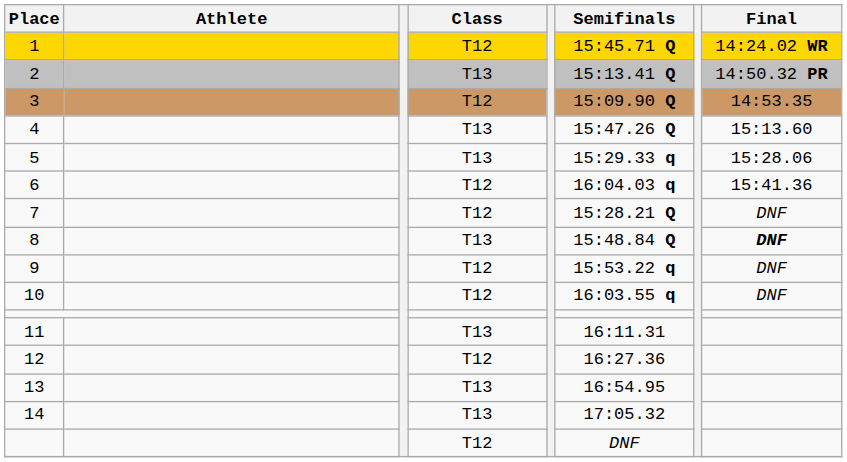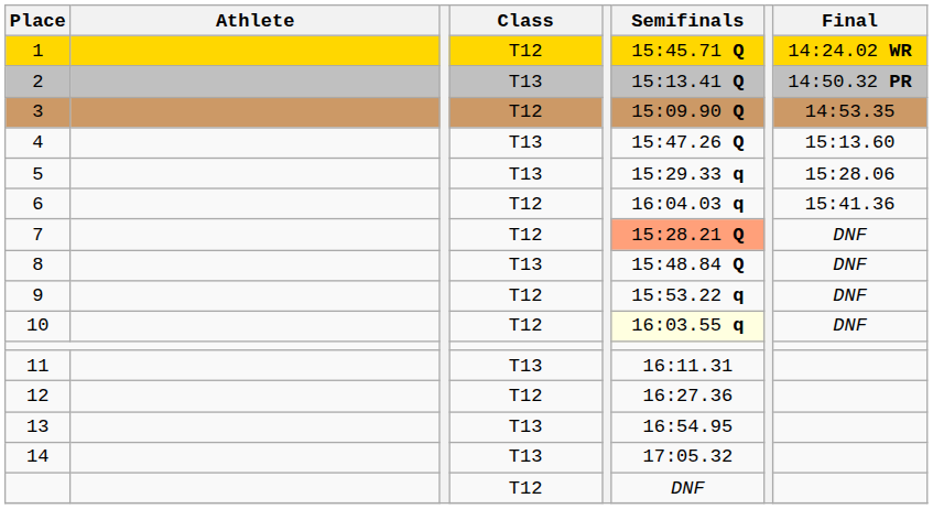 <table class="wikitable" style="text-align:center">
 <tr>
 <th>Place</th>
 <th width=250>Athlete</th>
 <th rowspan=31></th>
 <th width=100>Class</th>
 <th rowspan=31></th>
 <th width=100>Semifinals</th>
 <th rowspan=31></th>
 <th width=100>Final</th>
 </tr>
 <tr bgcolor=gold>
 <td>1</td>
 <td align=left></td>
 <td>T12</td>
 <td>15:45.71 <strong>Q</strong></td>
 <td>14:24.02 <strong>WR</strong></td>
 </tr>
 <tr bgcolor=silver>
 <td>2</td>
 <td align=left></td>
 <td>T13</td>
 <td>15:13.41 <strong>Q</strong></td>
 <td>14:50.32 <strong>PR</strong></td>
 </tr>
 <tr bgcolor=cc9966>
 <td>3</td>
 <td align=left></td>
 <td>T12</td>
 <td>15:09.90 <strong>Q</strong></td>
 <td>14:53.35</td>
 </tr>
 <tr>
 <td>4</td>
 <td align=left></td>
 <td>T13</td>
 <td>15:47.26 <strong>Q</strong></td>
 <td>15:13.60</td>
 </tr>
 <tr>
 <td>5</td>
 <td align=left></td>
 <td>T13</td>
 <td>15:29.33 <strong>q</strong></td>
 <td>15:28.06</td>
 </tr>
 <tr>
 <td>6</td>
 <td align=left></td>
 <td>T12</td>
 <td>16:04.03 <strong>q</strong></td>
 <td>15:41.36</td>
 </tr>
 <tr>
 <td>7</td>
 <td align=left></td>
 <td>T12</td>
-<td>15:28.21 <strong>Q</strong></td>
+<td style="background: lightsalmon;">15:28.21 <strong>Q</strong></td>
 <td><em>DNF</em></td>
 </tr>
 <tr>
 <td>8</td>
 <td align=left></td>
 <td>T13</td>
 <td>15:48.84 <strong>Q</strong></td>
-<td><strong><em>DNF</em></strong></td>
+<td><em>DNF</em></td>
 </tr>
 <tr>
 <td>9</td>
 <td align=left></td>
 <td>T12</td>
 <td>15:53.22 <strong>q</strong></td>
 <td><em>DNF</em></td>
 </tr>
 <tr>
 <td>10</td>
 <td align=left></td>
 <td>T12</td>
-<td>16:03.55 <strong>q</strong></td>
+<td style="background: lightyellow;">16:03.55 <strong>q</strong></td>
 <td><em>DNF</em></td>
 </tr>
 <tr>
 <td colspan=10></td>
 </tr>
 <tr>
 <td>11</td>
 <td align=left></td>
 <td>T13</td>
 <td>16:11.31</td>
 <td></td>
 </tr>
 <tr>
 <td>12</td>
 <td align=left></td>
 <td>T12</td>
 <td>16:27.36</td>
 <td></td>
 </tr>
 <tr>
 <td>13</td>
 <td align=left></td>
 <td>T13</td>
 <td>16:54.95</td>
 <td></td>
 </tr>
 <tr>
 <td>14</td>
 <td align=left></td>
 <td>T13</td>
 <td>17:05.32</td>
 <td></td>
 </tr>
 <tr>
 <td></td>
 <td align=left></td>
 <td>T12</td>
 <td><em>DNF</em></td>
 <td></td>
 </tr>
 <tr>
 </tr>
 </table>
